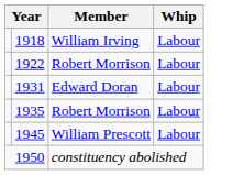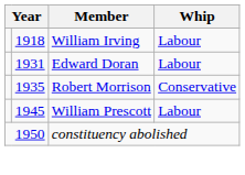 <table class="wikitable">
 <tr>
 <th colspan="2">Year</th>
 <th>Member</th>
 <th>Whip</th>
 </tr>
 <tr>
 <td style="color:inherit;background-color: "></td>
 <td><a href='#'>1918</a></td>
 <td><a href='#'>William Irving</a></td>
 <td><a href='#'>Labour</a></td>
 </tr>
 <tr>
 <td style="color:inherit;background-color: "></td>
-<td><a href='#'>1922</a></td>
-<td><a href='#'>Robert Morrison</a></td>
-<td><a href='#'>Labour</a></td>
-</tr>
-<tr>
-<td style="color:inherit;background-color: "></td>
 <td><a href='#'>1931</a></td>
 <td><a href='#'>Edward Doran</a></td>
 <td><a href='#'>Labour</a></td>
 </tr>
 <tr>
 <td style="color:inherit;background-color: "></td>
 <td><a href='#'>1935</a></td>
 <td><a href='#'>Robert Morrison</a></td>
-<td><a href='#'>Labour</a></td>
+<td><a href='#'>Conservative</a></td>
 </tr>
 <tr>
 <td style="color:inherit;background-color: "></td>
 <td><a href='#'>1945</a></td>
 <td><a href='#'>William Prescott</a> </td>
 <td><a href='#'>Labour</a></td>
 </tr>
 <tr>
 <td colspan="2" align="right"><a href='#'>1950</a></td>
 <td colspan="2"><em>constituency abolished</em></td>
 </tr>
 </table>
